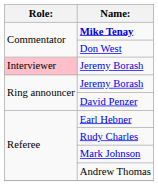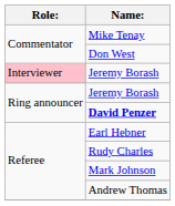 <table class=wikitable style="font-size:90%; margin: 0.5em 0 0.5em 1em; float: right; clear: right;">
 <tr>
 <th>Role:</th>
 <th>Name:</th>
 </tr>
 <tr>
 <td rowspan="2">Commentator</td>
-<td><strong><a href='#'>Mike Tenay</a></strong></td>
+<td><a href='#'>Mike Tenay</a></td>
 </tr>
 <tr>
 <td><a href='#'>Don West</a></td>
 </tr>
 <tr>
 <td rowspan="1" style="background: pink;">Interviewer</td>
 <td><a href='#'>Jeremy Borash</a></td>
 </tr>
 <tr>
 <td rowspan="2">Ring announcer</td>
 <td><a href='#'>Jeremy Borash</a></td>
 </tr>
 <tr>
-<td><a href='#'>David Penzer</a></td>
+<td><strong><a href='#'>David Penzer</a></strong></td>
 </tr>
 <tr>
 <td rowspan="4">Referee</td>
 <td><a href='#'>Earl Hebner</a></td>
 </tr>
 <tr>
 <td><a href='#'>Rudy Charles</a></td>
 </tr>
 <tr>
 <td><a href='#'>Mark Johnson</a></td>
 </tr>
 <tr>
 <td>Andrew Thomas</td>
 </tr>
 <tr>
 </tr>
 </table>
